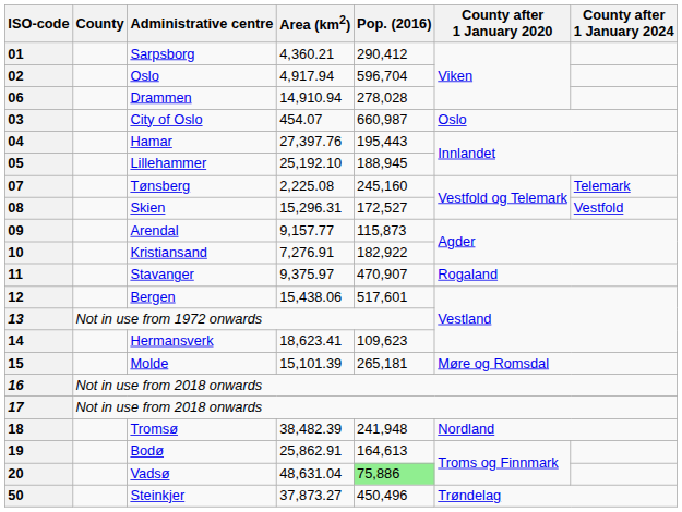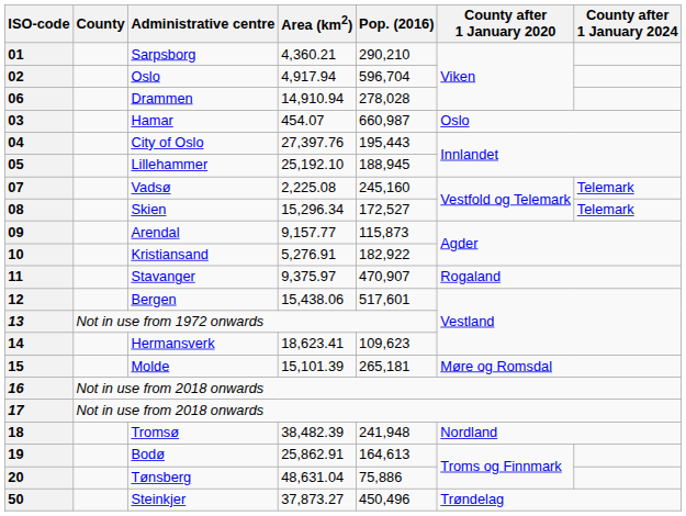 <table class="wikitable sortable">
 <tr>
 <th scope="col">ISO-code</th>
 <th scope="col">County</th>
 <th scope="col">Admini­strative centre</th>
 <th scope="col">Area (km<sup>2</sup>)</th>
 <th scope="col">Pop. (2016)</th>
 <th scope="col">County after<br>1 January 2020</th>
 <th>County after<br>1 January 2024</th>
 </tr>
 <tr>
 <th scope="row" style="text-align:left">01</th>
 <td></td>
 <td><a href='#'>Sarpsborg</a></td>
 <td>4,360.21</td>
-<td>290,412</td>
+<td>290,210</td>
 <td rowspan=3> <a href='#'>Viken</a></td>
 <td></td>
 </tr>
 <tr>
 <th scope="row" style="text-align:left">02</th>
 <td></td>
 <td><a href='#'>Oslo</a></td>
 <td>4,917.94</td>
 <td>596,704</td>
 <td></td>
 </tr>
 <tr>
 <th scope="row" style="text-align:left">06</th>
 <td></td>
 <td><a href='#'>Drammen</a></td>
 <td>14,910.94</td>
 <td>278,028</td>
 <td></td>
 </tr>
 <tr>
 <th scope="row" style="text-align:left">03</th>
 <td></td>
-<td><a href='#'>City of Oslo</a></td>
+<td><a href='#'>Hamar</a></td>
 <td>454.07</td>
 <td>660,987</td>
 <td colspan="2"> <a href='#'>Oslo</a></td>
 </tr>
 <tr>
 <th scope="row" style="text-align:left">04</th>
 <td></td>
-<td><a href='#'>Hamar</a></td>
+<td><a href='#'>City of Oslo</a></td>
 <td>27,397.76</td>
 <td>195,443</td>
 <td colspan="2" rowspan="2"> <a href='#'>Innlandet</a></td>
 </tr>
 <tr>
 <th scope="row" style="text-align:left">05</th>
 <td></td>
 <td><a href='#'>Lillehammer</a></td>
 <td>25,192.10</td>
 <td>188,945</td>
 </tr>
 <tr>
 <th scope="row" style="text-align:left">07</th>
 <td></td>
-<td><a href='#'>Tønsberg</a></td>
+<td><a href='#'>Vadsø</a></td>
 <td>2,225.08</td>
 <td>245,160</td>
 <td rowspan=2> <a href='#'>Vestfold og Telemark</a></td>
 <td> <a href='#'>Telemark</a></td>
 </tr>
 <tr>
 <th scope="row" style="text-align:left">08</th>
 <td></td>
 <td><a href='#'>Skien</a></td>
-<td>15,296.31</td>
+<td>15,296.34</td>
 <td>172,527</td>
-<td> <a href='#'>Vestfold</a></td>
+<td> <a href='#'>Telemark</a></td>
 </tr>
 <tr>
 <th scope="row" style="text-align:left">09</th>
 <td></td>
 <td><a href='#'>Arendal</a></td>
 <td>9,157.77</td>
 <td>115,873</td>
 <td colspan="2" rowspan="2"> <a href='#'>Agder</a></td>
 </tr>
 <tr>
 <th scope="row" style="text-align:left">10</th>
 <td></td>
 <td><a href='#'>Kristiansand</a></td>
-<td>7,276.91</td>
+<td>5,276.91</td>
 <td>182,922</td>
 </tr>
 <tr>
 <th scope="row" style="text-align:left">11</th>
 <td></td>
 <td><a href='#'>Stavanger</a></td>
 <td>9,375.97</td>
 <td>470,907</td>
 <td colspan="2"> <a href='#'>Rogaland</a></td>
 </tr>
 <tr>
 <th scope="row" style="text-align:left">12</th>
 <td></td>
 <td><a href='#'>Bergen</a></td>
 <td>15,438.06</td>
 <td>517,601</td>
 <td colspan="2" rowspan="3"> <a href='#'>Vestland</a></td>
 </tr>
 <tr>
 <th scope="row" style="text-align:left"><em>13</em></th>
 <td colspan=4><em>Not in use from 1972 onwards</em></td>
 </tr>
 <tr>
 <th scope="row" style="text-align:left">14</th>
 <td></td>
 <td><a href='#'>Hermansverk</a></td>
 <td>18,623.41</td>
 <td>109,623</td>
 </tr>
 <tr>
 <th scope="row" style="text-align:left">15</th>
 <td></td>
 <td><a href='#'>Molde</a></td>
 <td>15,101.39</td>
 <td>265,181</td>
 <td colspan="2"> <a href='#'>Møre og Romsdal</a></td>
 </tr>
 <tr>
 <th scope="row" style="text-align:left"><em>16</em></th>
 <td colspan="6"><em>Not in use from 2018 onwards</em></td>
 </tr>
 <tr>
 <th scope="row" style="text-align:left"><em>17</em></th>
 <td colspan="6"><em>Not in use from 2018 onwards</em></td>
 </tr>
 <tr>
 <th scope="row" style="text-align:left">18</th>
 <td></td>
 <td><a href='#'>Tromsø</a></td>
 <td>38,482.39</td>
 <td>241,948</td>
 <td colspan="2"> <a href='#'>Nordland</a></td>
 </tr>
 <tr>
 <th scope="row" style="text-align:left">19</th>
 <td></td>
 <td><a href='#'>Bodø</a></td>
 <td>25,862.91</td>
 <td>164,613</td>
 <td rowspan=2> <a href='#'>Troms og Finnmark</a></td>
 <td></td>
 </tr>
 <tr>
 <th scope="row" style="text-align:left">20</th>
 <td></td>
-<td><a href='#'>Vadsø</a></td>
+<td><a href='#'>Tønsberg</a></td>
 <td>48,631.04</td>
-<td style="background: lightgreen;">75,886</td>
+<td>75,886</td>
 <td></td>
 </tr>
 <tr>
 <th scope="row" style="text-align:left">50</th>
 <td></td>
 <td><a href='#'>Steinkjer</a></td>
 <td>37,873.27</td>
 <td>450,496</td>
 <td colspan="2"> <a href='#'>Trøndelag</a></td>
 </tr>
 </table>
